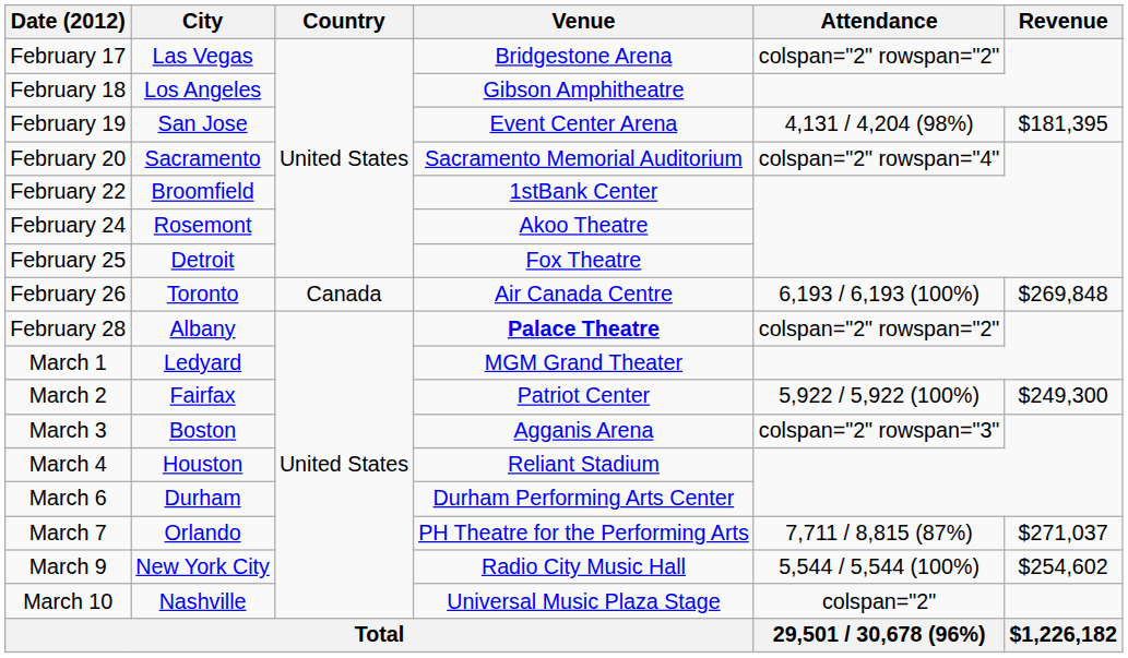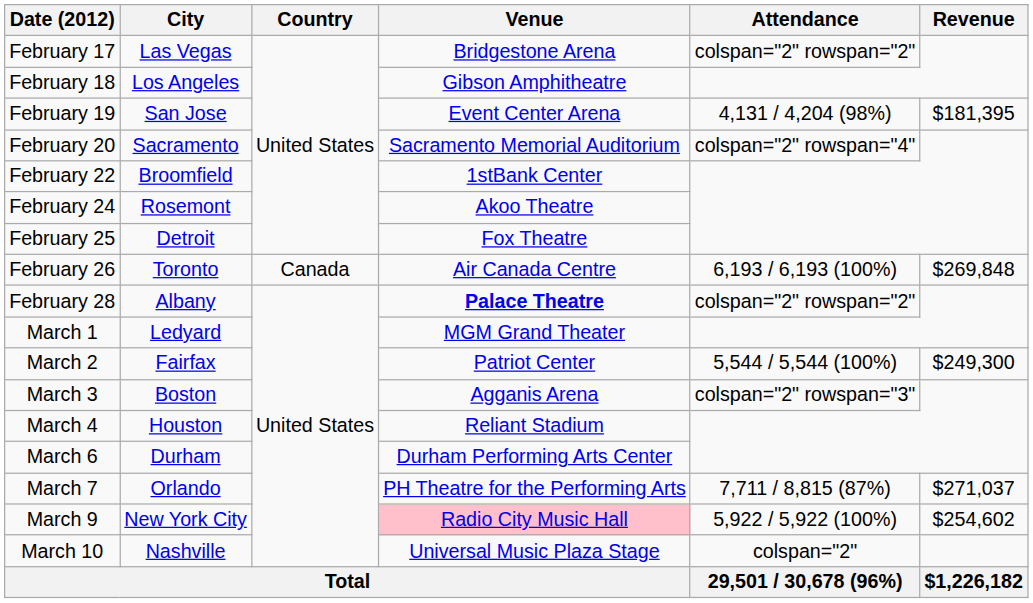 <table class="wikitable" style="text-align:center;">
 <tr>
 <th scope="col">Date (2012)</th>
 <th scope="col">City</th>
 <th scope="col">Country</th>
 <th scope="col">Venue</th>
 <th scope="col">Attendance</th>
 <th scope="col">Revenue</th>
 </tr>
 <tr>
 <td>February 17</td>
 <td><a href='#'>Las Vegas</a></td>
 <td rowspan="7">United States</td>
 <td><a href='#'>Bridgestone Arena</a></td>
 <td>colspan="2" rowspan="2" </td>
 </tr>
 <tr>
 <td>February 18</td>
 <td><a href='#'>Los Angeles</a></td>
 <td><a href='#'>Gibson Amphitheatre</a></td>
 </tr>
 <tr>
 <td>February 19</td>
 <td><a href='#'>San Jose</a></td>
 <td><a href='#'>Event Center Arena</a></td>
 <td>4,131 / 4,204 (98%)</td>
 <td>$181,395</td>
 </tr>
 <tr>
 <td>February 20</td>
 <td><a href='#'>Sacramento</a></td>
 <td><a href='#'>Sacramento Memorial Auditorium</a></td>
 <td>colspan="2" rowspan="4" </td>
 </tr>
 <tr>
 <td>February 22</td>
 <td><a href='#'>Broomfield</a></td>
 <td><a href='#'>1stBank Center</a></td>
 </tr>
 <tr>
 <td>February 24</td>
 <td><a href='#'>Rosemont</a></td>
 <td><a href='#'>Akoo Theatre</a></td>
 </tr>
 <tr>
 <td>February 25</td>
 <td><a href='#'>Detroit</a></td>
 <td><a href='#'>Fox Theatre</a></td>
 </tr>
 <tr>
 <td>February 26</td>
 <td><a href='#'>Toronto</a></td>
 <td>Canada</td>
 <td><a href='#'>Air Canada Centre</a></td>
 <td>6,193 / 6,193 (100%)</td>
 <td>$269,848</td>
 </tr>
 <tr>
 <td>February 28</td>
 <td><a href='#'>Albany</a></td>
 <td rowspan="9">United States</td>
 <td><strong><a href='#'>Palace Theatre</a></strong></td>
 <td>colspan="2" rowspan="2" </td>
 </tr>
 <tr>
 <td>March 1</td>
 <td><a href='#'>Ledyard</a></td>
 <td><a href='#'>MGM Grand Theater</a></td>
 </tr>
 <tr>
 <td>March 2</td>
 <td><a href='#'>Fairfax</a></td>
 <td><a href='#'>Patriot Center</a></td>
-<td>5,922 / 5,922 (100%)</td>
+<td>5,544 / 5,544 (100%)</td>
 <td>$249,300</td>
 </tr>
 <tr>
 <td>March 3</td>
 <td><a href='#'>Boston</a></td>
 <td><a href='#'>Agganis Arena</a></td>
 <td>colspan="2" rowspan="3" </td>
 </tr>
 <tr>
 <td>March 4</td>
 <td><a href='#'>Houston</a></td>
 <td><a href='#'>Reliant Stadium</a></td>
 </tr>
 <tr>
 <td>March 6</td>
 <td><a href='#'>Durham</a></td>
 <td><a href='#'>Durham Performing Arts Center</a></td>
 </tr>
 <tr>
 <td>March 7</td>
 <td><a href='#'>Orlando</a></td>
 <td><a href='#'>PH Theatre for the Performing Arts</a></td>
 <td>7,711 / 8,815 (87%)</td>
 <td>$271,037</td>
 </tr>
 <tr>
 <td>March 9</td>
 <td><a href='#'>New York City</a></td>
-<td><a href='#'>Radio City Music Hall</a></td>
-<td>5,544 / 5,544 (100%)</td>
+<td style="background: pink;"><a href='#'>Radio City Music Hall</a></td>
+<td>5,922 / 5,922 (100%)</td>
 <td>$254,602</td>
 </tr>
 <tr>
 <td>March 10</td>
 <td><a href='#'>Nashville</a></td>
 <td><a href='#'>Universal Music Plaza Stage</a></td>
 <td>colspan="2" </td>
 </tr>
 <tr>
 <th colspan="4">Total</th>
 <th>29,501 / 30,678 (96%)</th>
 <th>$1,226,182</th>
 </tr>
 </table>
